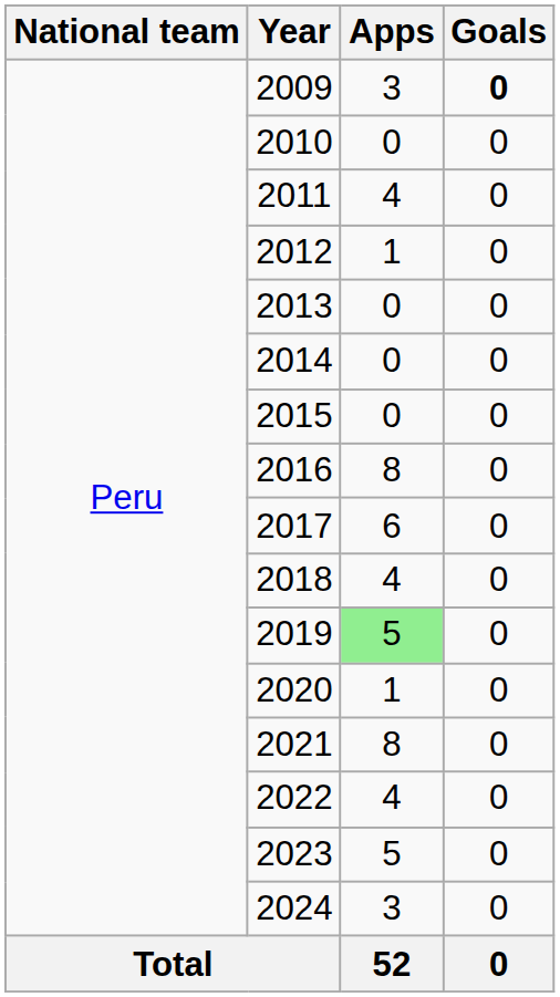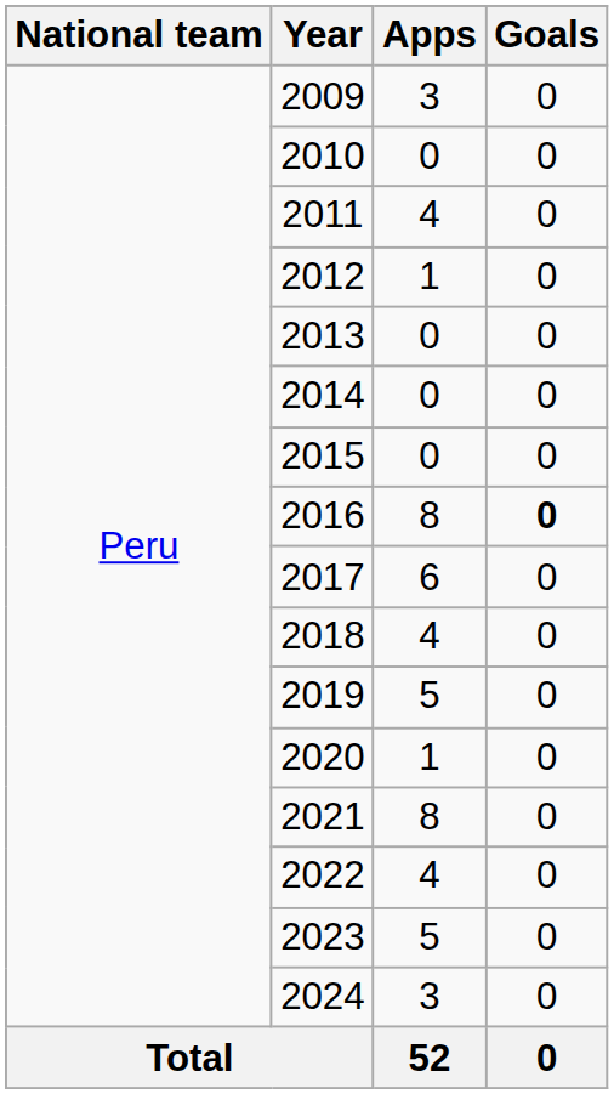 <table class="wikitable" style="text-align:center">
 <tr>
 <th>National team</th>
 <th>Year</th>
 <th>Apps</th>
 <th>Goals</th>
 </tr>
 <tr>
 <td rowspan="16"><a href='#'>Peru</a></td>
 <td>2009</td>
 <td>3</td>
-<td><strong>0</strong></td>
+<td>0</td>
 </tr>
 <tr>
 <td>2010</td>
 <td>0</td>
 <td>0</td>
 </tr>
 <tr>
 <td>2011</td>
 <td>4</td>
 <td>0</td>
 </tr>
 <tr>
 <td>2012</td>
 <td>1</td>
 <td>0</td>
 </tr>
 <tr>
 <td>2013</td>
 <td>0</td>
 <td>0</td>
 </tr>
 <tr>
 <td>2014</td>
 <td>0</td>
 <td>0</td>
 </tr>
 <tr>
 <td>2015</td>
 <td>0</td>
 <td>0</td>
 </tr>
 <tr>
 <td>2016</td>
 <td>8</td>
-<td>0</td>
+<td><strong>0</strong></td>
 </tr>
 <tr>
 <td>2017</td>
 <td>6</td>
 <td>0</td>
 </tr>
 <tr>
 <td>2018</td>
 <td>4</td>
 <td>0</td>
 </tr>
 <tr>
 <td>2019</td>
-<td style="background: lightgreen;">5</td>
+<td>5</td>
 <td>0</td>
 </tr>
 <tr>
 <td>2020</td>
 <td>1</td>
 <td>0</td>
 </tr>
 <tr>
 <td>2021</td>
 <td>8</td>
 <td>0</td>
 </tr>
 <tr>
 <td>2022</td>
 <td>4</td>
 <td>0</td>
 </tr>
 <tr>
 <td>2023</td>
 <td>5</td>
 <td>0</td>
 </tr>
 <tr>
 <td>2024</td>
 <td>3</td>
 <td>0</td>
 </tr>
 <tr>
 <th colspan="2">Total</th>
 <th>52</th>
 <th>0</th>
 </tr>
 </table>
